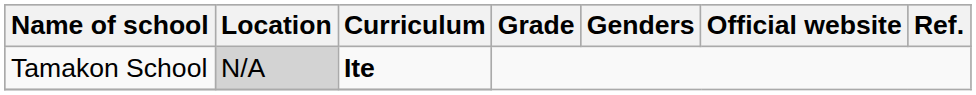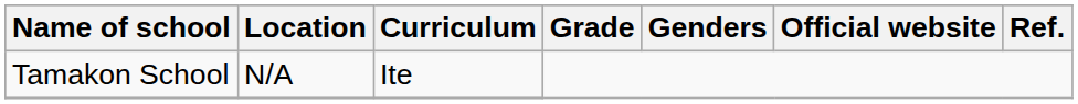 <table class="wikitable">
 <tr>
 <th>Name of school</th>
 <th>Location</th>
 <th>Curriculum</th>
 <th>Grade</th>
 <th>Genders</th>
 <th>Official website</th>
 <th>Ref.</th>
 </tr>
 <tr>
 <td>Tamakon School</td>
-<td style="background: lightgrey;">N/A</td>
-<td><strong>Ite</strong></td>
+<td>N/A</td>
+<td>Ite</td>
 </tr>
 <tr>
 </tr>
 </table>
